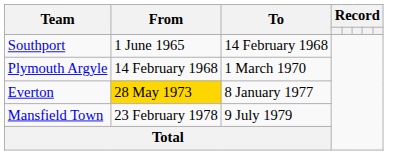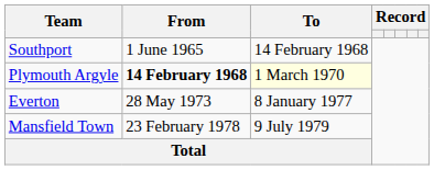 <table class="wikitable" style="text-align: center">
 <tr>
 <th rowspan=2>Team</th>
 <th rowspan=2>From</th>
 <th rowspan=2>To</th>
 <th colspan=5>Record</th>
 </tr>
 <tr>
 <th></th>
 <th></th>
 <th></th>
 <th></th>
 <th></th>
 </tr>
 <tr>
 <td align=left><a href='#'>Southport</a></td>
 <td align=left>1 June 1965</td>
 <td align=left>14 February 1968<br></td>
 </tr>
 <tr>
 <td align=left><a href='#'>Plymouth Argyle</a></td>
-<td align=left>14 February 1968</td>
-<td align=left>1 March 1970<br></td>
+<td align=left><strong>14 February 1968</strong></td>
+<td align=left style="background: lightyellow;">1 March 1970<br></td>
 </tr>
 <tr>
 <td align=left><a href='#'>Everton</a></td>
-<td align=left style="background: gold;">28 May 1973</td>
+<td align=left>28 May 1973</td>
 <td align=left>8 January 1977<br></td>
 </tr>
 <tr>
 <td align=left><a href='#'>Mansfield Town</a></td>
 <td align=left>23 February 1978</td>
 <td align=left>9 July 1979<br></td>
 </tr>
 <tr>
 <th colspan=3>Total<br></th>
 </tr>
 </table>
